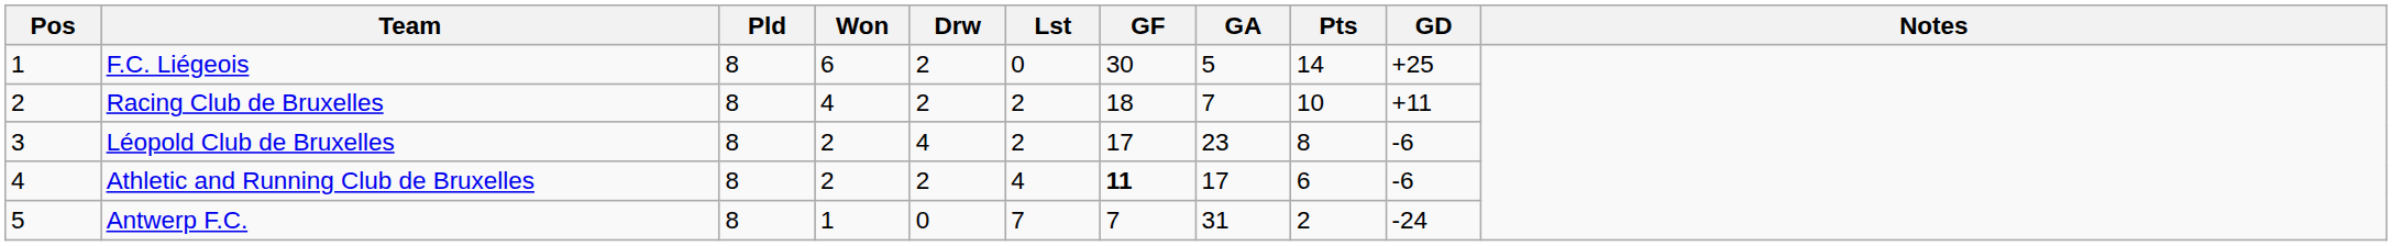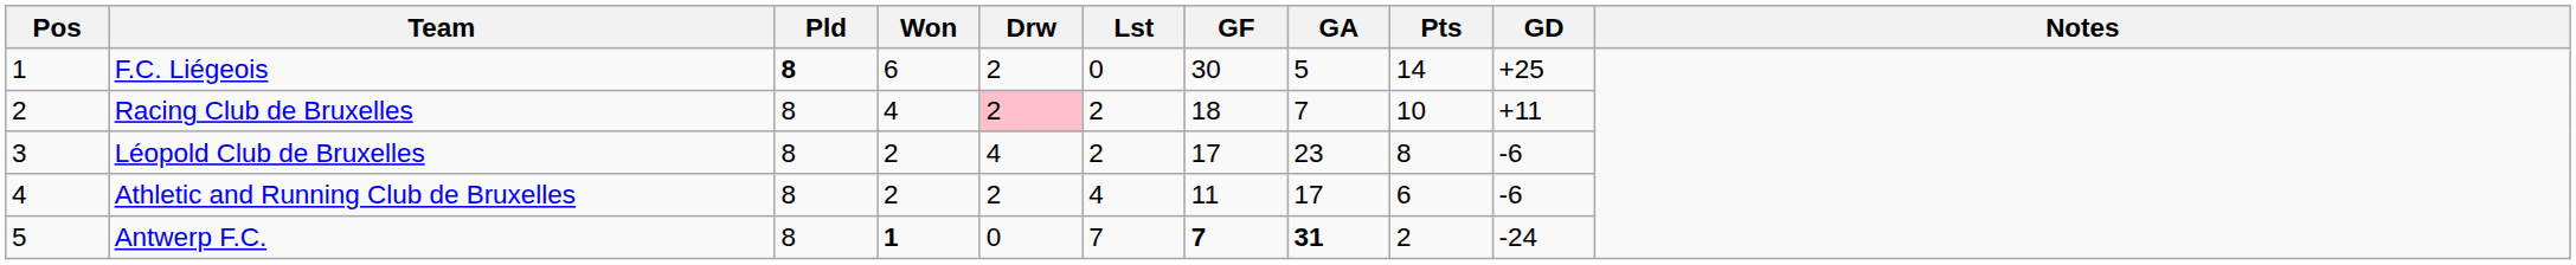 <table class="wikitable" width=70% style="font-size:90%">
 <tr>
 <th width=4%><strong>Pos</strong></th>
 <th width=26%><strong>Team</strong></th>
 <th width=4%><strong>Pld</strong></th>
 <th width=4%><strong>Won</strong></th>
 <th width=4%><strong>Drw</strong></th>
 <th width=4%><strong>Lst</strong></th>
 <th width=4%><strong>GF</strong></th>
 <th width=4%><strong>GA</strong></th>
 <th width=4%><strong>Pts</strong></th>
 <th width=4%><strong>GD</strong></th>
 <th width=38%><strong>Notes</strong></th>
 </tr>
 <tr>
 <td>1</td>
 <td><a href='#'>F.C. Liégeois</a></td>
-<td>8</td>
+<td><strong>8</strong></td>
 <td>6</td>
 <td>2</td>
 <td>0</td>
 <td>30</td>
 <td>5</td>
 <td>14</td>
 <td>+25</td>
 </tr>
 <tr>
 <td>2</td>
 <td><a href='#'>Racing Club de Bruxelles</a></td>
 <td>8</td>
 <td>4</td>
-<td>2</td>
+<td style="background: pink;">2</td>
 <td>2</td>
 <td>18</td>
 <td>7</td>
 <td>10</td>
 <td>+11</td>
 </tr>
 <tr>
 <td>3</td>
 <td><a href='#'>Léopold Club de Bruxelles</a></td>
 <td>8</td>
 <td>2</td>
 <td>4</td>
 <td>2</td>
 <td>17</td>
 <td>23</td>
 <td>8</td>
 <td>-6</td>
 </tr>
 <tr>
 <td>4</td>
 <td><a href='#'>Athletic and Running Club de Bruxelles</a></td>
 <td>8</td>
 <td>2</td>
 <td>2</td>
 <td>4</td>
-<td><strong>11</strong></td>
+<td>11</td>
 <td>17</td>
 <td>6</td>
 <td>-6</td>
 </tr>
 <tr>
 <td>5</td>
 <td><a href='#'>Antwerp F.C.</a></td>
 <td>8</td>
-<td>1</td>
+<td><strong>1</strong></td>
 <td>0</td>
 <td>7</td>
-<td>7</td>
-<td>31</td>
+<td><strong>7</strong></td>
+<td><strong>31</strong></td>
 <td>2</td>
 <td>-24</td>
 </tr>
 </table>
